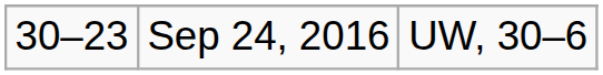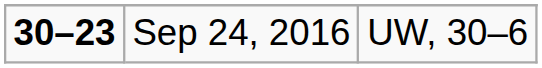 <table class="wikitable">
 <tr align="center">
 </tr>
 <tr align="center">
-<td>30–23</td>
+<td><strong>30–23</strong></td>
 <td>Sep 24, 2016</td>
 <td>UW, 30–6</td>
 </tr>
 </table>
